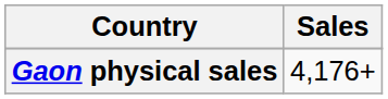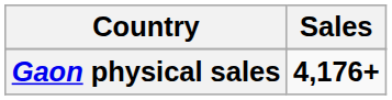 <table class="wikitable sortable plainrowheaders">
 <tr>
 <th>Country</th>
 <th>Sales</th>
 </tr>
 <tr>
 </tr>
 <tr>
 <th scope=row><em><a href='#'>Gaon</a></em> physical sales</th>
-<td align=center>4,176+</td>
+<td align=center><strong>4,176+</strong></td>
 </tr>
 </table>
